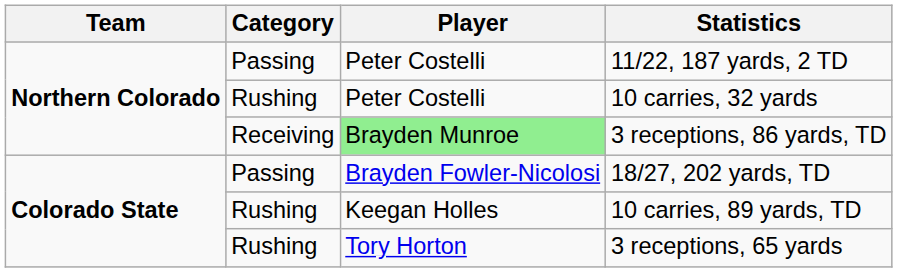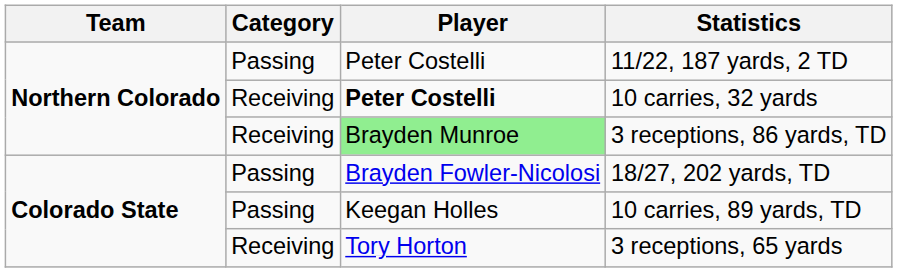 <table class="wikitable" style="float: right;">
 <tr>
 <th>Team</th>
 <th>Category</th>
 <th>Player</th>
 <th>Statistics</th>
 </tr>
 <tr>
 <td rowspan=3><strong>Northern Colorado</strong></td>
 <td>Passing</td>
 <td>Peter Costelli</td>
 <td>11/22, 187 yards, 2 TD</td>
 </tr>
 <tr>
-<td>Rushing</td>
-<td>Peter Costelli</td>
+<td>Receiving</td>
+<td><strong>Peter Costelli</strong></td>
 <td>10 carries, 32 yards</td>
 </tr>
 <tr>
 <td>Receiving</td>
 <td style="background: lightgreen;">Brayden Munroe</td>
 <td>3 receptions, 86 yards, TD</td>
 </tr>
 <tr>
 <td rowspan=3><strong>Colorado State</strong></td>
 <td>Passing</td>
 <td><a href='#'>Brayden Fowler-Nicolosi</a></td>
 <td>18/27, 202 yards, TD</td>
 </tr>
 <tr>
-<td>Rushing</td>
+<td>Passing</td>
 <td>Keegan Holles</td>
 <td>10 carries, 89 yards, TD</td>
 </tr>
 <tr>
-<td>Rushing</td>
+<td>Receiving</td>
 <td><a href='#'>Tory Horton</a></td>
 <td>3 receptions, 65 yards</td>
 </tr>
 </table>
